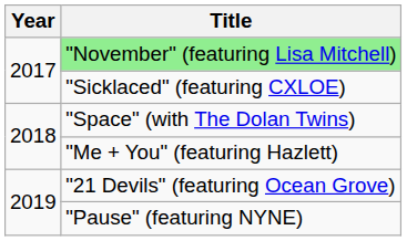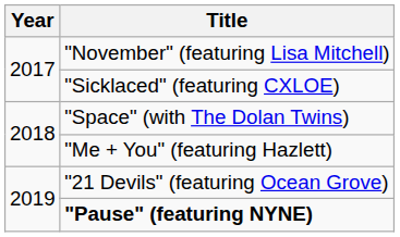 <table class="wikitable" style="text-align:center;">
 <tr>
 <th scope="col">Year</th>
 <th scope="col">Title</th>
 </tr>
 <tr>
 <td rowspan="2">2017</td>
-<td align="left" style="background: lightgreen;">"November" (featuring <a href='#'>Lisa Mitchell</a>)</td>
+<td align="left">"November" (featuring <a href='#'>Lisa Mitchell</a>)</td>
 </tr>
 <tr>
 <td align="left">"Sicklaced" (featuring <a href='#'>CXLOE</a>)</td>
 </tr>
 <tr>
 <td rowspan="2">2018</td>
 <td align="left">"Space" (with <a href='#'>The Dolan Twins</a>)</td>
 </tr>
 <tr>
 <td align="left">"Me + You" (featuring Hazlett)</td>
 </tr>
 <tr>
 <td rowspan="2">2019</td>
 <td align="left">"21 Devils" (featuring <a href='#'>Ocean Grove</a>)</td>
 </tr>
 <tr>
-<td align="left">"Pause" (featuring NYNE)</td>
+<td align="left"><strong>"Pause" (featuring NYNE)</strong></td>
 </tr>
 </table>
